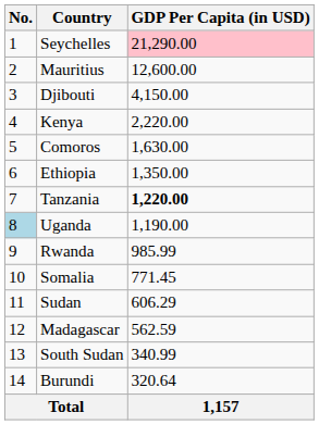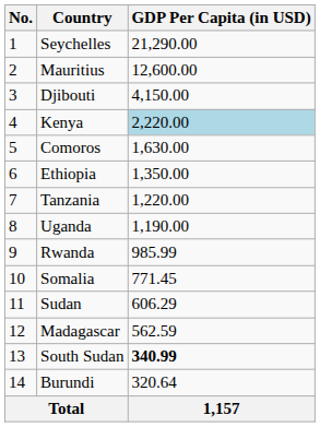 <table class="wikitable sortable">
 <tr>
 <th>No.</th>
 <th>Country</th>
 <th>GDP Per Capita (in USD)</th>
 </tr>
 <tr>
 <td>1</td>
 <td> Seychelles</td>
-<td style="background: pink;">21,290.00</td>
+<td>21,290.00</td>
 </tr>
 <tr>
 <td>2</td>
 <td> Mauritius</td>
 <td>12,600.00</td>
 </tr>
 <tr>
 <td>3</td>
 <td> Djibouti</td>
 <td>4,150.00</td>
 </tr>
 <tr>
 <td>4</td>
 <td> Kenya</td>
-<td>2,220.00</td>
+<td style="background: lightblue;">2,220.00</td>
 </tr>
 <tr>
 <td>5</td>
 <td> Comoros</td>
 <td>1,630.00</td>
 </tr>
 <tr>
 <td>6</td>
 <td> Ethiopia</td>
 <td>1,350.00</td>
 </tr>
 <tr>
 <td>7</td>
 <td> Tanzania</td>
-<td><strong>1,220.00</strong></td>
+<td>1,220.00</td>
 </tr>
 <tr>
-<td style="background: lightblue;">8</td>
+<td>8</td>
 <td> Uganda</td>
 <td>1,190.00</td>
 </tr>
 <tr>
 <td>9</td>
 <td> Rwanda</td>
 <td>985.99</td>
 </tr>
 <tr>
 <td>10</td>
 <td> Somalia</td>
 <td>771.45</td>
 </tr>
 <tr>
 <td>11</td>
 <td> Sudan</td>
 <td>606.29</td>
 </tr>
 <tr>
 <td>12</td>
 <td> Madagascar</td>
 <td>562.59</td>
 </tr>
 <tr>
 <td>13</td>
 <td> South Sudan</td>
-<td>340.99</td>
+<td><strong>340.99</strong></td>
 </tr>
 <tr>
 <td>14</td>
 <td> Burundi</td>
 <td>320.64</td>
 </tr>
 <tr>
 <th colspan="2">Total</th>
 <th>1,157</th>
 </tr>
 </table>
